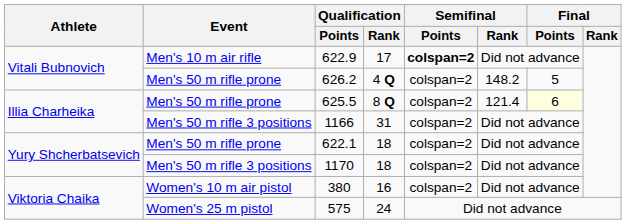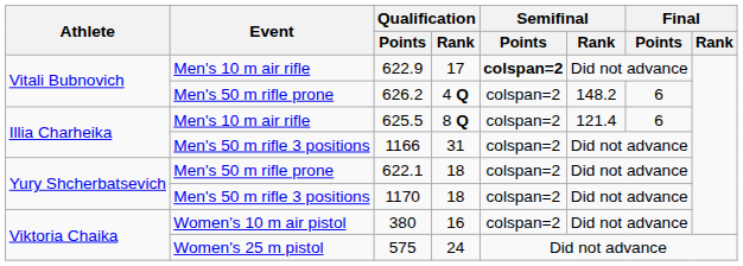 <table class="wikitable" style="font-size:90%">
 <tr>
 <th rowspan="2">Athlete</th>
 <th rowspan="2">Event</th>
 <th colspan=2>Qualification</th>
 <th colspan=2>Semifinal</th>
 <th colspan=2>Final</th>
 </tr>
 <tr style="font-size:95%">
 <th>Points</th>
 <th>Rank</th>
 <th>Points</th>
 <th>Rank</th>
 <th>Points</th>
 <th>Rank</th>
 </tr>
 <tr align=center>
 <td align=left rowspan=2><a href='#'>Vitali Bubnovich</a></td>
 <td align=left><a href='#'>Men's 10 m air rifle</a></td>
 <td>622.9</td>
 <td>17</td>
 <td><strong>colspan=2 </strong></td>
 <td colspan=2>Did not advance</td>
 </tr>
 <tr align=center>
 <td align=left><a href='#'>Men's 50 m rifle prone</a></td>
 <td>626.2</td>
 <td>4 <strong>Q</strong></td>
 <td>colspan=2 </td>
 <td>148.2</td>
-<td>5</td>
+<td>6</td>
 </tr>
 <tr align=center>
 <td align=left rowspan=2><a href='#'>Illia Charheika</a></td>
-<td align=left><a href='#'>Men's 50 m rifle prone</a></td>
+<td align=left><a href='#'>Men's 10 m air rifle</a></td>
 <td>625.5</td>
 <td>8 <strong>Q</strong></td>
 <td>colspan=2 </td>
 <td>121.4</td>
-<td style="background: lightyellow;">6</td>
+<td>6</td>
 </tr>
 <tr align=center>
 <td align=left><a href='#'>Men's 50 m rifle 3 positions</a></td>
 <td>1166</td>
 <td>31</td>
 <td>colspan=2 </td>
 <td colspan=2>Did not advance</td>
 </tr>
 <tr align=center>
 <td align=left rowspan=2><a href='#'>Yury Shcherbatsevich</a></td>
 <td align=left><a href='#'>Men's 50 m rifle prone</a></td>
 <td>622.1</td>
 <td>18</td>
 <td>colspan=2 </td>
 <td colspan=2>Did not advance</td>
 </tr>
 <tr align=center>
 <td align=left><a href='#'>Men's 50 m rifle 3 positions</a></td>
 <td>1170</td>
 <td>18</td>
 <td>colspan=2 </td>
 <td colspan=2>Did not advance</td>
 </tr>
 <tr align=center>
 <td align=left rowspan=2><a href='#'>Viktoria Chaika</a></td>
 <td align=left><a href='#'>Women's 10 m air pistol</a></td>
 <td>380</td>
 <td>16</td>
 <td>colspan=2 </td>
 <td colspan=2>Did not advance</td>
 </tr>
 <tr align=center>
 <td align=left><a href='#'>Women's 25 m pistol</a></td>
 <td>575</td>
 <td>24</td>
 <td colspan=4>Did not advance</td>
 </tr>
 </table>
